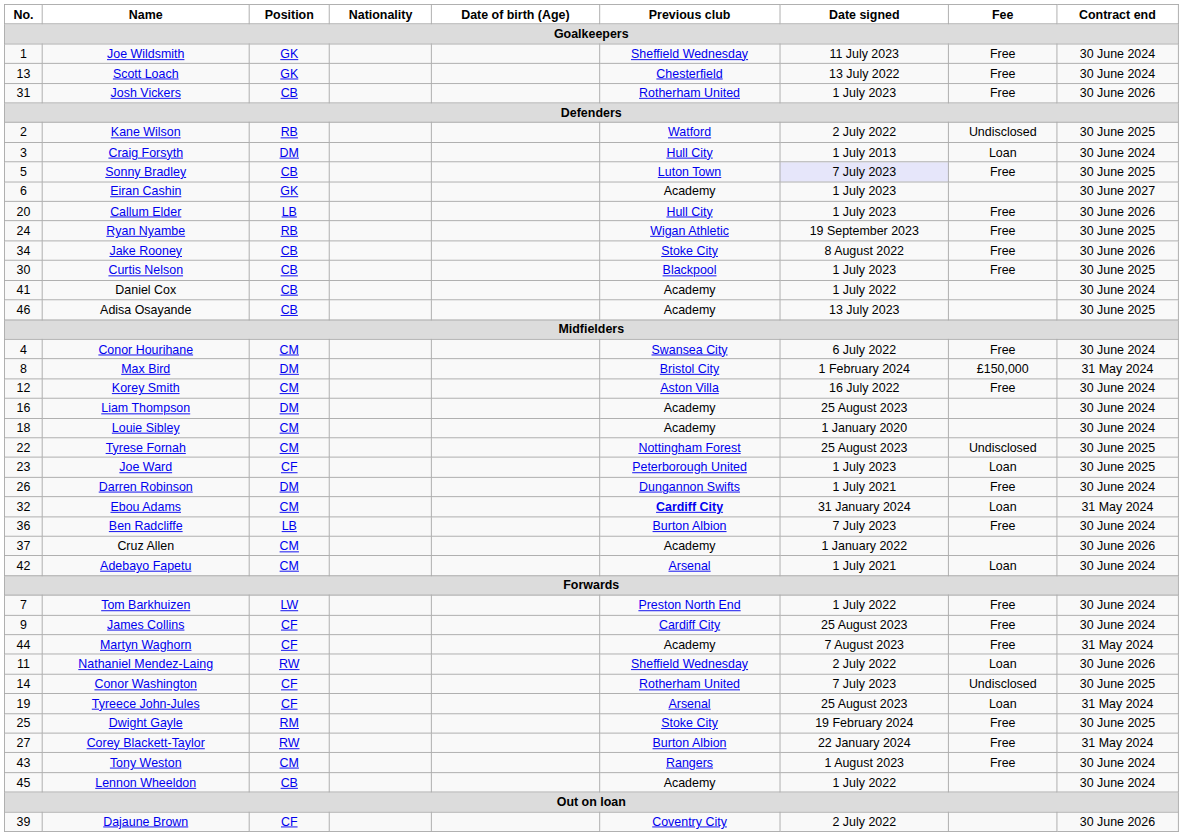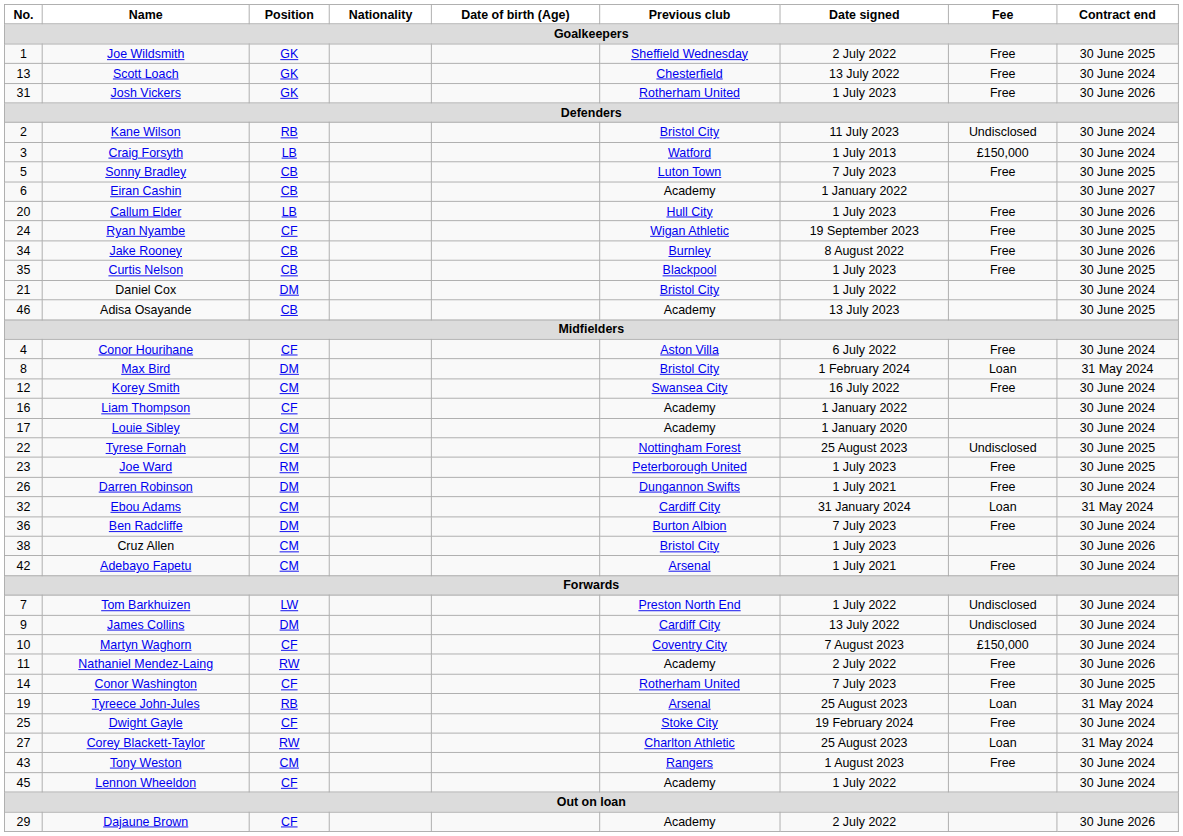 <table class="wikitable" style="text-align:center; font-size:84.5%; width:101%;">
 <tr>
 <th style="color:#000000; background:#ffffff; ">No.</th>
 <th style="color:#000000; background:#ffffff; ">Name</th>
 <th style="color:#000000; background:#ffffff; ">Position</th>
 <th style="color:#000000; background:#ffffff; ">Nationality</th>
 <th style="color:#000000; background:#ffffff; ">Date of birth (Age)</th>
 <th style="color:#000000; background:#ffffff; ">Previous club</th>
 <th style="color:#000000; background:#ffffff; ">Date signed</th>
 <th style="color:#000000; background:#ffffff; ">Fee</th>
 <th style="color:#000000; background:#ffffff; ">Contract end</th>
 </tr>
 <tr>
 <th colspan="14" style="background:#dcdcdc; tepxt-align:center;">Goalkeepers</th>
 </tr>
 <tr>
 <td>1</td>
 <td><a href='#'>Joe Wildsmith</a></td>
 <td><a href='#'>GK</a></td>
 <td></td>
 <td></td>
 <td><a href='#'>Sheffield Wednesday</a></td>
-<td>11 July 2023</td>
+<td>2 July 2022</td>
 <td>Free</td>
-<td>30 June 2024</td>
+<td>30 June 2025</td>
 </tr>
 <tr>
 <td>13</td>
 <td><a href='#'>Scott Loach</a></td>
 <td><a href='#'>GK</a></td>
 <td></td>
 <td></td>
 <td><a href='#'>Chesterfield</a></td>
 <td>13 July 2022</td>
 <td>Free</td>
 <td>30 June 2024</td>
 </tr>
 <tr>
 <td>31</td>
 <td><a href='#'>Josh Vickers</a></td>
-<td><a href='#'>CB</a></td>
+<td><a href='#'>GK</a></td>
 <td></td>
 <td></td>
 <td><a href='#'>Rotherham United</a></td>
 <td>1 July 2023</td>
 <td>Free</td>
 <td>30 June 2026</td>
 </tr>
 <tr>
 <th colspan="14" style="background:#dcdcdc; tepxt-align:center;">Defenders</th>
 </tr>
 <tr>
 <td>2</td>
 <td><a href='#'>Kane Wilson</a></td>
 <td><a href='#'>RB</a></td>
 <td></td>
 <td></td>
-<td><a href='#'>Watford</a></td>
-<td>2 July 2022</td>
+<td><a href='#'>Bristol City</a></td>
+<td>11 July 2023</td>
 <td>Undisclosed</td>
-<td>30 June 2025</td>
+<td>30 June 2024</td>
 </tr>
 <tr>
 <td>3</td>
 <td><a href='#'>Craig Forsyth</a></td>
-<td><a href='#'>DM</a></td>
+<td><a href='#'>LB</a></td>
 <td></td>
 <td></td>
-<td><a href='#'>Hull City</a></td>
+<td><a href='#'>Watford</a></td>
 <td>1 July 2013</td>
-<td>Loan</td>
+<td>£150,000</td>
 <td>30 June 2024</td>
 </tr>
 <tr>
 <td>5</td>
 <td><a href='#'>Sonny Bradley</a></td>
 <td><a href='#'>CB</a></td>
 <td></td>
 <td></td>
 <td><a href='#'>Luton Town</a></td>
-<td style="background: lavender;">7 July 2023</td>
+<td>7 July 2023</td>
 <td>Free</td>
 <td>30 June 2025</td>
 </tr>
 <tr>
 <td>6</td>
 <td><a href='#'>Eiran Cashin</a></td>
-<td><a href='#'>GK</a></td>
+<td><a href='#'>CB</a></td>
 <td></td>
 <td></td>
 <td>Academy</td>
-<td>1 July 2023</td>
+<td>1 January 2022</td>
 <td></td>
 <td>30 June 2027</td>
 </tr>
 <tr>
 <td>20</td>
 <td><a href='#'>Callum Elder</a></td>
 <td><a href='#'>LB</a></td>
 <td></td>
 <td></td>
 <td><a href='#'>Hull City</a></td>
 <td>1 July 2023</td>
 <td>Free</td>
 <td>30 June 2026</td>
 </tr>
 <tr>
 <td>24</td>
 <td><a href='#'>Ryan Nyambe</a></td>
-<td><a href='#'>RB</a></td>
+<td><a href='#'>CF</a></td>
 <td></td>
 <td></td>
 <td><a href='#'>Wigan Athletic</a></td>
 <td>19 September 2023</td>
 <td>Free</td>
 <td>30 June 2025</td>
 </tr>
 <tr>
 <td>34</td>
 <td><a href='#'>Jake Rooney</a></td>
 <td><a href='#'>CB</a></td>
 <td></td>
 <td></td>
-<td><a href='#'>Stoke City</a></td>
+<td><a href='#'>Burnley</a></td>
 <td>8 August 2022</td>
 <td>Free</td>
 <td>30 June 2026</td>
 </tr>
 <tr>
-<td>30</td>
+<td>35</td>
 <td><a href='#'>Curtis Nelson</a></td>
 <td><a href='#'>CB</a></td>
 <td></td>
 <td></td>
 <td><a href='#'>Blackpool</a></td>
 <td>1 July 2023</td>
 <td>Free</td>
 <td>30 June 2025</td>
 </tr>
 <tr>
-<td>41</td>
+<td>21</td>
 <td>Daniel Cox</td>
-<td><a href='#'>CB</a></td>
+<td><a href='#'>DM</a></td>
 <td></td>
 <td></td>
-<td>Academy</td>
+<td><a href='#'>Bristol City</a></td>
 <td>1 July 2022</td>
 <td></td>
 <td>30 June 2024</td>
 </tr>
 <tr>
 <td>46</td>
 <td>Adisa Osayande</td>
 <td><a href='#'>CB</a></td>
 <td></td>
 <td></td>
 <td>Academy</td>
 <td>13 July 2023</td>
 <td></td>
 <td>30 June 2025</td>
 </tr>
 <tr>
 <th colspan="14" style="background:#dcdcdc; tepxt-align:center;">Midfielders</th>
 </tr>
 <tr>
 <td>4</td>
 <td><a href='#'>Conor Hourihane</a></td>
-<td><a href='#'>CM</a></td>
+<td><a href='#'>CF</a></td>
 <td></td>
 <td></td>
-<td> <a href='#'>Swansea City</a></td>
+<td><a href='#'>Aston Villa</a></td>
 <td>6 July 2022</td>
 <td>Free</td>
 <td>30 June 2024</td>
 </tr>
 <tr>
 <td>8</td>
 <td><a href='#'>Max Bird</a></td>
 <td><a href='#'>DM</a></td>
 <td></td>
 <td></td>
 <td><a href='#'>Bristol City</a></td>
 <td>1 February 2024</td>
-<td>£150,000</td>
+<td>Loan</td>
 <td>31 May 2024</td>
 </tr>
 <tr>
 <td>12</td>
 <td><a href='#'>Korey Smith</a></td>
 <td><a href='#'>CM</a></td>
 <td></td>
 <td></td>
-<td><a href='#'>Aston Villa</a></td>
+<td> <a href='#'>Swansea City</a></td>
 <td>16 July 2022</td>
 <td>Free</td>
 <td>30 June 2024</td>
 </tr>
 <tr>
 <td>16</td>
 <td><a href='#'>Liam Thompson</a></td>
-<td><a href='#'>DM</a></td>
+<td><a href='#'>CF</a></td>
 <td></td>
 <td></td>
 <td>Academy</td>
-<td>25 August 2023</td>
+<td>1 January 2022</td>
 <td></td>
 <td>30 June 2024</td>
 </tr>
 <tr>
-<td>18</td>
+<td>17</td>
 <td><a href='#'>Louie Sibley</a></td>
 <td><a href='#'>CM</a></td>
 <td></td>
 <td></td>
 <td>Academy</td>
 <td>1 January 2020</td>
 <td></td>
 <td>30 June 2024</td>
 </tr>
 <tr>
 <td>22</td>
 <td><a href='#'>Tyrese Fornah</a></td>
 <td><a href='#'>CM</a></td>
 <td></td>
 <td></td>
 <td><a href='#'>Nottingham Forest</a></td>
 <td>25 August 2023</td>
 <td>Undisclosed</td>
 <td>30 June 2025</td>
 </tr>
 <tr>
 <td>23</td>
 <td><a href='#'>Joe Ward</a></td>
-<td><a href='#'>CF</a></td>
+<td><a href='#'>RM</a></td>
 <td></td>
 <td></td>
 <td><a href='#'>Peterborough United</a></td>
 <td>1 July 2023</td>
-<td>Loan</td>
+<td>Free</td>
 <td>30 June 2025</td>
 </tr>
 <tr>
 <td>26</td>
 <td><a href='#'>Darren Robinson</a></td>
 <td><a href='#'>DM</a></td>
 <td></td>
 <td></td>
 <td> <a href='#'>Dungannon Swifts</a></td>
 <td>1 July 2021</td>
 <td>Free</td>
 <td>30 June 2024</td>
 </tr>
 <tr>
 <td>32</td>
 <td><a href='#'>Ebou Adams</a></td>
 <td><a href='#'>CM</a></td>
 <td></td>
 <td></td>
-<td><strong> <a href='#'>Cardiff City</a></strong></td>
+<td> <a href='#'>Cardiff City</a></td>
 <td>31 January 2024</td>
 <td>Loan</td>
 <td>31 May 2024</td>
 </tr>
 <tr>
 <td>36</td>
 <td><a href='#'>Ben Radcliffe</a></td>
-<td><a href='#'>LB</a></td>
+<td><a href='#'>DM</a></td>
 <td></td>
 <td></td>
 <td><a href='#'>Burton Albion</a></td>
 <td>7 July 2023</td>
 <td>Free</td>
 <td>30 June 2024</td>
 </tr>
 <tr>
-<td>37</td>
+<td>38</td>
 <td>Cruz Allen</td>
 <td><a href='#'>CM</a></td>
 <td></td>
 <td></td>
-<td>Academy</td>
-<td>1 January 2022</td>
+<td><a href='#'>Bristol City</a></td>
+<td>1 July 2023</td>
 <td></td>
 <td>30 June 2026</td>
 </tr>
 <tr>
 <td>42</td>
 <td><a href='#'>Adebayo Fapetu</a></td>
 <td><a href='#'>CM</a></td>
 <td></td>
 <td></td>
 <td><a href='#'>Arsenal</a></td>
 <td>1 July 2021</td>
-<td>Loan</td>
+<td>Free</td>
 <td>30 June 2024</td>
 </tr>
 <tr>
 <th colspan="14" style="background:#dcdcdc; tepxt-align:center;">Forwards</th>
 </tr>
 <tr>
 <td>7</td>
 <td><a href='#'>Tom Barkhuizen</a></td>
 <td><a href='#'>LW</a></td>
 <td></td>
 <td></td>
 <td><a href='#'>Preston North End</a></td>
 <td>1 July 2022</td>
-<td>Free</td>
+<td>Undisclosed</td>
 <td>30 June 2024</td>
 </tr>
 <tr>
 <td>9</td>
 <td><a href='#'>James Collins</a></td>
-<td><a href='#'>CF</a></td>
+<td><a href='#'>DM</a></td>
 <td></td>
 <td></td>
 <td> <a href='#'>Cardiff City</a></td>
-<td>25 August 2023</td>
-<td>Free</td>
+<td>13 July 2022</td>
+<td>Undisclosed</td>
 <td>30 June 2024</td>
 </tr>
 <tr>
-<td>44</td>
+<td>10</td>
 <td><a href='#'>Martyn Waghorn</a></td>
 <td><a href='#'>CF</a></td>
 <td></td>
 <td></td>
-<td>Academy</td>
+<td><a href='#'>Coventry City</a></td>
 <td>7 August 2023</td>
-<td>Free</td>
-<td>31 May 2024</td>
+<td>£150,000</td>
+<td>30 June 2024</td>
 </tr>
 <tr>
 <td>11</td>
 <td><a href='#'>Nathaniel Mendez-Laing</a></td>
 <td><a href='#'>RW</a></td>
 <td></td>
 <td></td>
-<td><a href='#'>Sheffield Wednesday</a></td>
+<td>Academy</td>
 <td>2 July 2022</td>
-<td>Loan</td>
+<td>Free</td>
 <td>30 June 2026</td>
 </tr>
 <tr>
 <td>14</td>
 <td><a href='#'>Conor Washington</a></td>
 <td><a href='#'>CF</a></td>
 <td></td>
 <td></td>
 <td><a href='#'>Rotherham United</a></td>
 <td>7 July 2023</td>
-<td>Undisclosed</td>
+<td>Free</td>
 <td>30 June 2025</td>
 </tr>
 <tr>
 <td>19</td>
 <td><a href='#'>Tyreece John-Jules</a></td>
-<td><a href='#'>CF</a></td>
+<td><a href='#'>RB</a></td>
 <td></td>
 <td></td>
 <td><a href='#'>Arsenal</a></td>
 <td>25 August 2023</td>
 <td>Loan</td>
 <td>31 May 2024</td>
 </tr>
 <tr>
 <td>25</td>
 <td><a href='#'>Dwight Gayle</a></td>
-<td><a href='#'>RM</a></td>
+<td><a href='#'>CF</a></td>
 <td></td>
 <td></td>
 <td><a href='#'>Stoke City</a></td>
 <td>19 February 2024</td>
 <td>Free</td>
-<td>30 June 2025</td>
+<td>30 June 2024</td>
 </tr>
 <tr>
 <td>27</td>
 <td><a href='#'>Corey Blackett-Taylor</a></td>
 <td><a href='#'>RW</a></td>
 <td></td>
 <td></td>
-<td><a href='#'>Burton Albion</a></td>
-<td>22 January 2024</td>
-<td>Free</td>
+<td><a href='#'>Charlton Athletic</a></td>
+<td>25 August 2023</td>
+<td>Loan</td>
 <td>31 May 2024</td>
 </tr>
 <tr>
 <td>43</td>
 <td><a href='#'>Tony Weston</a></td>
 <td><a href='#'>CM</a></td>
 <td></td>
 <td></td>
 <td> <a href='#'>Rangers</a></td>
 <td>1 August 2023</td>
 <td>Free</td>
 <td>30 June 2024</td>
 </tr>
 <tr>
 <td>45</td>
 <td><a href='#'>Lennon Wheeldon</a></td>
-<td><a href='#'>CB</a></td>
+<td><a href='#'>CF</a></td>
 <td></td>
 <td></td>
 <td>Academy</td>
 <td>1 July 2022</td>
 <td></td>
 <td>30 June 2024</td>
 </tr>
 <tr>
 <th colspan="14" style="background:#dcdcdc; tepxt-align:center;">Out on loan</th>
 </tr>
 <tr>
-<td>39</td>
+<td>29</td>
 <td><a href='#'>Dajaune Brown</a></td>
 <td><a href='#'>CF</a></td>
 <td></td>
 <td></td>
-<td><a href='#'>Coventry City</a></td>
+<td>Academy</td>
 <td>2 July 2022</td>
 <td></td>
 <td>30 June 2026</td>
 </tr>
 </table>
